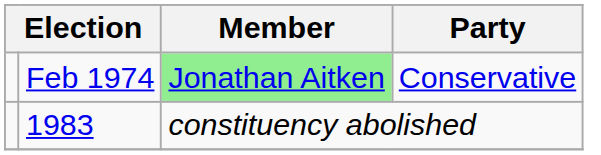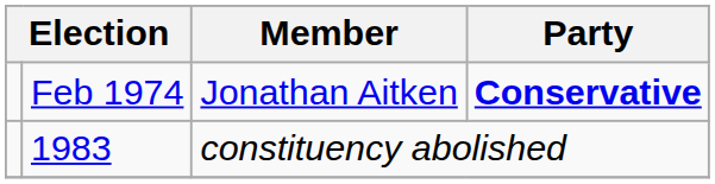 <table class="wikitable">
 <tr>
 <th colspan="2">Election</th>
 <th>Member</th>
 <th>Party</th>
 </tr>
 <tr>
 <td style="color:inherit;background-color: "></td>
 <td><a href='#'>Feb 1974</a></td>
-<td style="background: lightgreen;"><a href='#'>Jonathan Aitken</a></td>
-<td><a href='#'>Conservative</a></td>
+<td><a href='#'>Jonathan Aitken</a></td>
+<td><strong><a href='#'>Conservative</a></strong></td>
 </tr>
 <tr>
 <td></td>
 <td><a href='#'>1983</a></td>
 <td colspan="2"><em>constituency abolished</em></td>
 </tr>
 <tr>
 </tr>
 </table>
